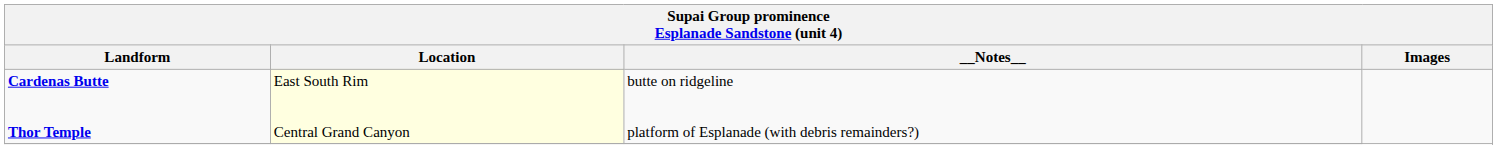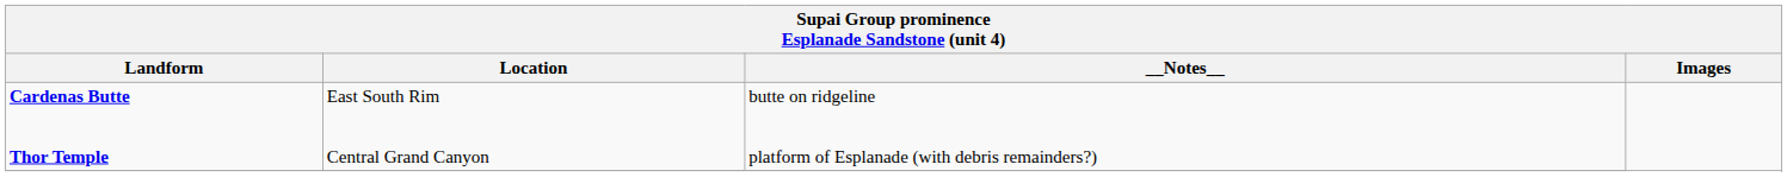 <table class="wikitable" align="center" width="100%">
 <tr>
 <th colspan="5" align="center"><strong>Supai Group prominence <br><a href='#'>Esplanade Sandstone</a> (unit 4)</strong></th>
 </tr>
 <tr>
 <th>Landform</th>
 <th>Location</th>
 <th>__Notes__</th>
 <th>Images</th>
 </tr>
 <tr>
 <td><strong><a href='#'>Cardenas Butte</a></strong> <br><br><br><strong><a href='#'>Thor Temple</a></strong></td>
-<td style="background: lightyellow;">East South Rim <br><br><br>Central Grand Canyon</td>
+<td>East South Rim <br><br><br>Central Grand Canyon</td>
 <td>butte on ridgeline  <br><br><br>platform of Esplanade (with debris remainders?)</td>
 <td rowspan="99"><br><br></td>
 </tr>
 <tr>
 </tr>
 </table>
